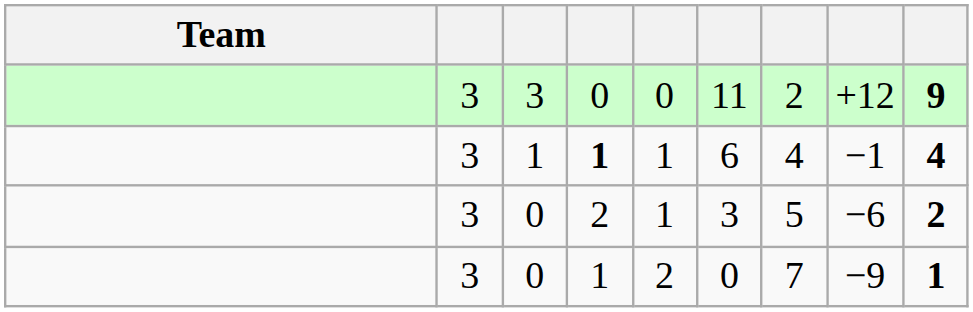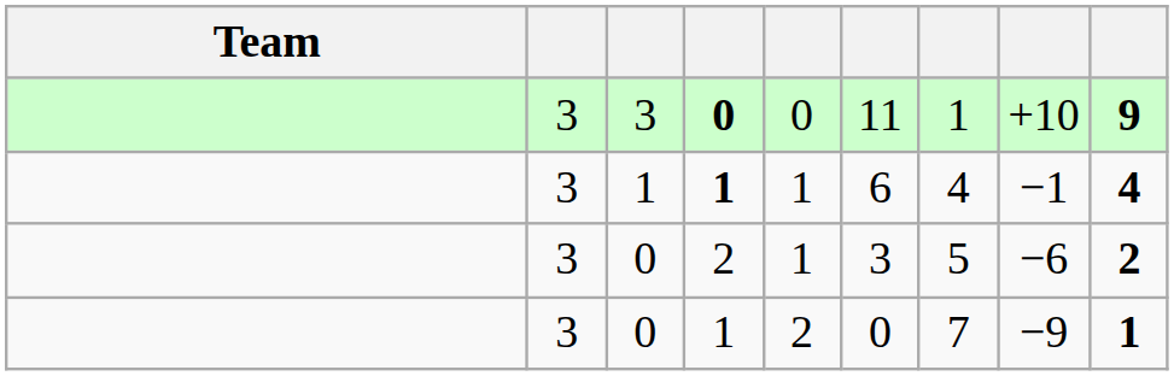 <table class="wikitable" style="text-align: center;">
 <tr>
 <th width="175">Team</th>
 <th width="20"></th>
 <th width="20"></th>
 <th width="20"></th>
 <th width="20"></th>
 <th width="20"></th>
 <th width="20"></th>
 <th width="20"></th>
 <th width="20"></th>
 </tr>
 <tr bgcolor="#ccffcc">
 <td align=left><em></em></td>
 <td>3</td>
 <td>3</td>
-<td>0</td>
+<td><strong>0</strong></td>
 <td>0</td>
 <td>11</td>
-<td>2</td>
-<td>+12</td>
+<td>1</td>
+<td>+10</td>
 <td><strong>9</strong></td>
 </tr>
 <tr bgcolor=>
 <td align=left></td>
 <td>3</td>
 <td>1</td>
 <td><strong>1</strong></td>
 <td>1</td>
 <td>6</td>
 <td>4</td>
 <td>−1</td>
 <td><strong>4</strong></td>
 </tr>
 <tr bgcolor=>
 <td align=left></td>
 <td>3</td>
 <td>0</td>
 <td>2</td>
 <td>1</td>
 <td>3</td>
 <td>5</td>
 <td>−6</td>
 <td><strong>2</strong></td>
 </tr>
 <tr bgcolor=>
 <td align=left></td>
 <td>3</td>
 <td>0</td>
 <td>1</td>
 <td>2</td>
 <td>0</td>
 <td>7</td>
 <td>−9</td>
 <td><strong>1</strong></td>
 </tr>
 </table>
